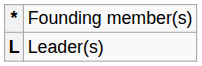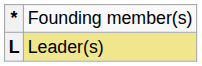 <table class="wikitable">
 <tr>
 <th>*</th>
 <td>Founding member(s)</td>
 </tr>
 <tr>
 <th><strong>L</strong></th>
-<td>Leader(s)</td>
+<td style="background: khaki;">Leader(s)</td>
 </tr>
 </table>
